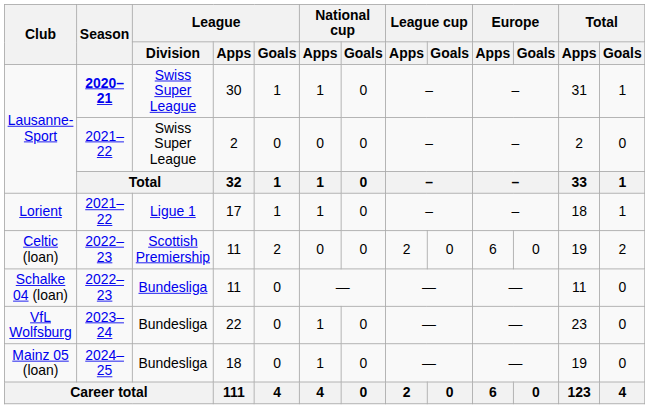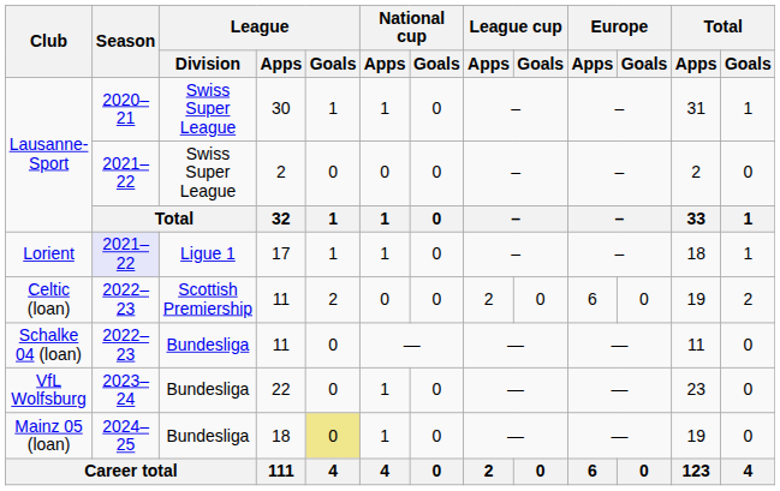 <table class="wikitable" style="text-align:center">
 <tr>
 <th rowspan="2">Club</th>
 <th rowspan="2">Season</th>
 <th colspan="3">League</th>
 <th colspan="2">National cup</th>
 <th colspan="2">League cup</th>
 <th colspan="2">Europe</th>
 <th colspan="2">Total</th>
 </tr>
 <tr>
 <th>Division</th>
 <th>Apps</th>
 <th>Goals</th>
 <th>Apps</th>
 <th>Goals</th>
 <th>Apps</th>
 <th>Goals</th>
 <th>Apps</th>
 <th>Goals</th>
 <th>Apps</th>
 <th>Goals</th>
 </tr>
 <tr>
 <td rowspan="3"><a href='#'>Lausanne-Sport</a></td>
-<td><strong><a href='#'>2020–21</a></strong></td>
+<td><a href='#'>2020–21</a></td>
 <td><a href='#'>Swiss Super League</a></td>
 <td>30</td>
 <td>1</td>
 <td>1</td>
 <td>0</td>
 <td colspan="2">–</td>
 <td colspan="2">–</td>
 <td>31</td>
 <td>1</td>
 </tr>
 <tr>
 <td><a href='#'>2021–22</a></td>
 <td>Swiss Super League</td>
 <td>2</td>
 <td>0</td>
 <td>0</td>
 <td>0</td>
 <td colspan="2">–</td>
 <td colspan="2">–</td>
 <td>2</td>
 <td>0</td>
 </tr>
 <tr>
 <th colspan="2">Total</th>
 <th>32</th>
 <th>1</th>
 <th>1</th>
 <th>0</th>
 <th colspan="2">–</th>
 <th colspan="2">–</th>
 <th>33</th>
 <th>1</th>
 </tr>
 <tr>
 <td><a href='#'>Lorient</a></td>
-<td><a href='#'>2021–22</a></td>
+<td style="background: lavender;"><a href='#'>2021–22</a></td>
 <td><a href='#'>Ligue 1</a></td>
 <td>17</td>
 <td>1</td>
 <td>1</td>
 <td>0</td>
 <td colspan="2">–</td>
 <td colspan="2">–</td>
 <td>18</td>
 <td>1</td>
 </tr>
 <tr>
 <td><a href='#'>Celtic</a> (loan)</td>
 <td><a href='#'>2022–23</a></td>
 <td><a href='#'>Scottish Premiership</a></td>
 <td>11</td>
 <td>2</td>
 <td>0</td>
 <td>0</td>
 <td>2</td>
 <td>0</td>
 <td>6</td>
 <td>0</td>
 <td>19</td>
 <td>2</td>
 </tr>
 <tr>
 <td><a href='#'>Schalke 04</a> (loan)</td>
 <td><a href='#'>2022–23</a></td>
 <td><a href='#'>Bundesliga</a></td>
 <td>11</td>
 <td>0</td>
 <td colspan="2">—</td>
 <td colspan="2">—</td>
 <td colspan="2">—</td>
 <td>11</td>
 <td>0</td>
 </tr>
 <tr>
 <td><a href='#'>VfL Wolfsburg</a></td>
 <td><a href='#'>2023–24</a></td>
 <td>Bundesliga</td>
 <td>22</td>
 <td>0</td>
 <td>1</td>
 <td>0</td>
 <td colspan="2">—</td>
 <td colspan="2">—</td>
 <td>23</td>
 <td>0</td>
 </tr>
 <tr>
 <td><a href='#'>Mainz 05</a> (loan)</td>
 <td><a href='#'>2024–25</a></td>
 <td>Bundesliga</td>
 <td>18</td>
-<td>0</td>
+<td style="background: khaki;">0</td>
 <td>1</td>
 <td>0</td>
 <td colspan="2">—</td>
 <td colspan="2">—</td>
 <td>19</td>
 <td>0</td>
 </tr>
 <tr>
 <th colspan="3">Career total</th>
 <th>111</th>
 <th>4</th>
 <th>4</th>
 <th>0</th>
 <th>2</th>
 <th>0</th>
 <th>6</th>
 <th>0</th>
 <th>123</th>
 <th>4</th>
 </tr>
 </table>
